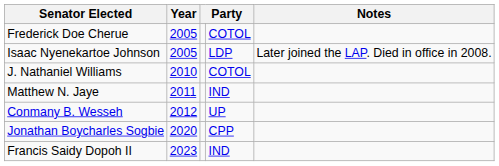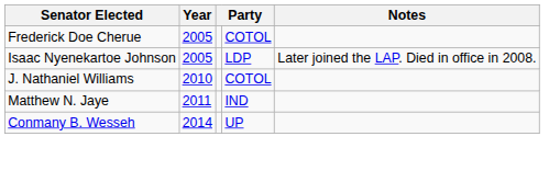 <table class="wikitable">
 <tr>
 <th>Senator Elected</th>
 <th>Year</th>
 <th colspan=2>Party</th>
 <th>Notes</th>
 </tr>
 <tr>
 <td>Frederick Doe Cherue</td>
 <td><a href='#'>2005</a></td>
 <td></td>
 <td><a href='#'>COTOL</a></td>
 <td></td>
 </tr>
 <tr>
 <td>Isaac Nyenekartoe Johnson</td>
 <td><a href='#'>2005</a></td>
 <td></td>
 <td><a href='#'>LDP</a></td>
 <td>Later joined the <a href='#'>LAP</a>. Died in office in 2008.</td>
 </tr>
 <tr>
 <td>J. Nathaniel Williams</td>
 <td><a href='#'>2010</a></td>
 <td></td>
 <td><a href='#'>COTOL</a></td>
 <td></td>
 </tr>
 <tr>
 <td>Matthew N. Jaye</td>
 <td><a href='#'>2011</a></td>
 <td></td>
 <td><a href='#'>IND</a></td>
 <td></td>
 </tr>
 <tr>
 <td><a href='#'>Conmany B. Wesseh</a></td>
-<td><a href='#'>2012</a></td>
+<td><a href='#'>2014</a></td>
 <td></td>
 <td><a href='#'>UP</a></td>
 <td></td>
 </tr>
-<tr>
-<td><a href='#'>Jonathan Boycharles Sogbie</a></td>
-<td><a href='#'>2020</a></td>
-<td></td>
-<td><a href='#'>CPP</a></td>
-<td></td>
-</tr>
-<tr>
-<td>Francis Saidy Dopoh II</td>
-<td><a href='#'>2023</a></td>
-<td></td>
-<td><a href='#'>IND</a></td>
-<td></td>
-</tr>
 </table>
